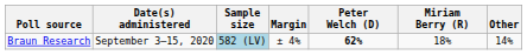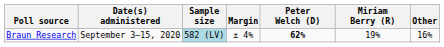 <table class="wikitable" style="font-size:90%;text-align:center;">
 <tr style="vertical-align:bottom;">
 <th>Poll source</th>
 <th>Date(s)<br>administered</th>
 <th>Sample<br>size</th>
 <th>Margin<br></th>
 <th style="width:100px;">Peter<br>Welch (D)</th>
 <th style="width:100px;">Miriam<br>Berry (R)</th>
 <th>Other</th>
 </tr>
 <tr>
 <td style="text-align:left;"><a href='#'>Braun Research</a></td>
 <td>September 3–15, 2020</td>
 <td style="background: lightblue;">582 (LV)</td>
 <td>± 4%</td>
 <td><strong>62%</strong></td>
-<td>18%</td>
-<td>14%</td>
+<td>19%</td>
+<td>16%</td>
 </tr>
 </table>
